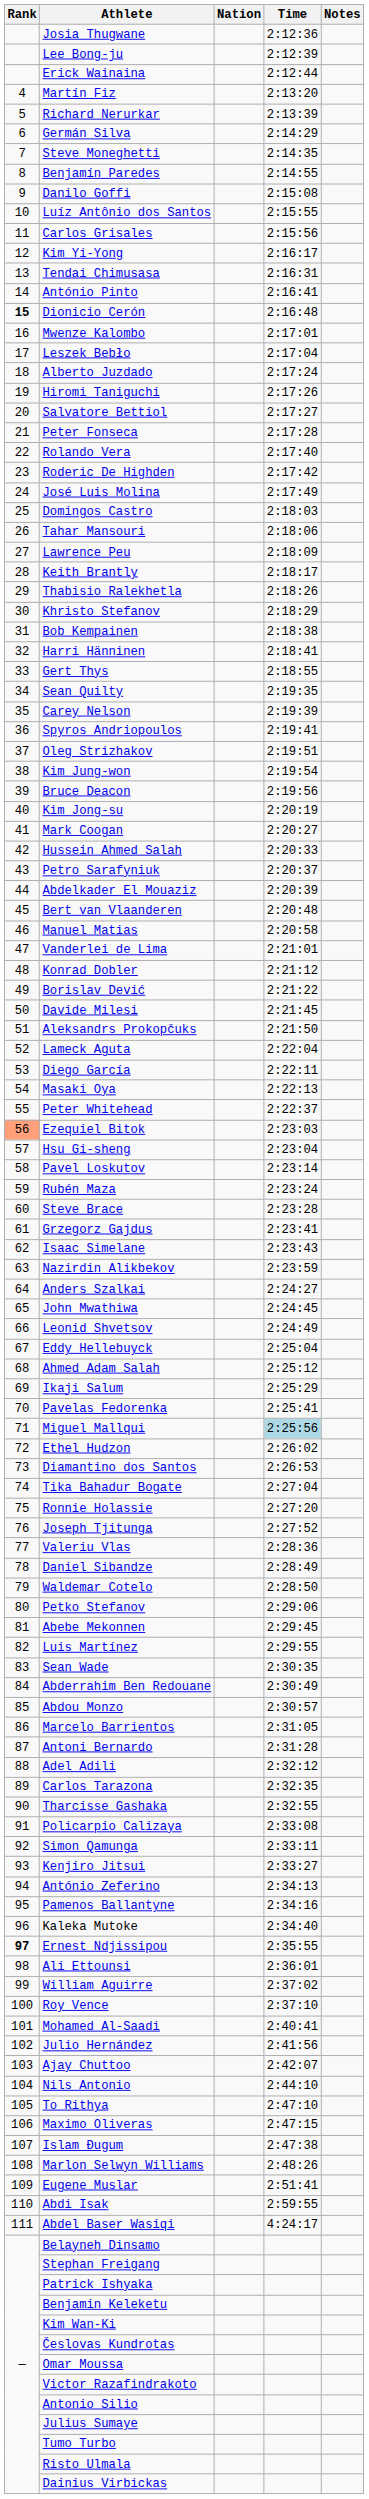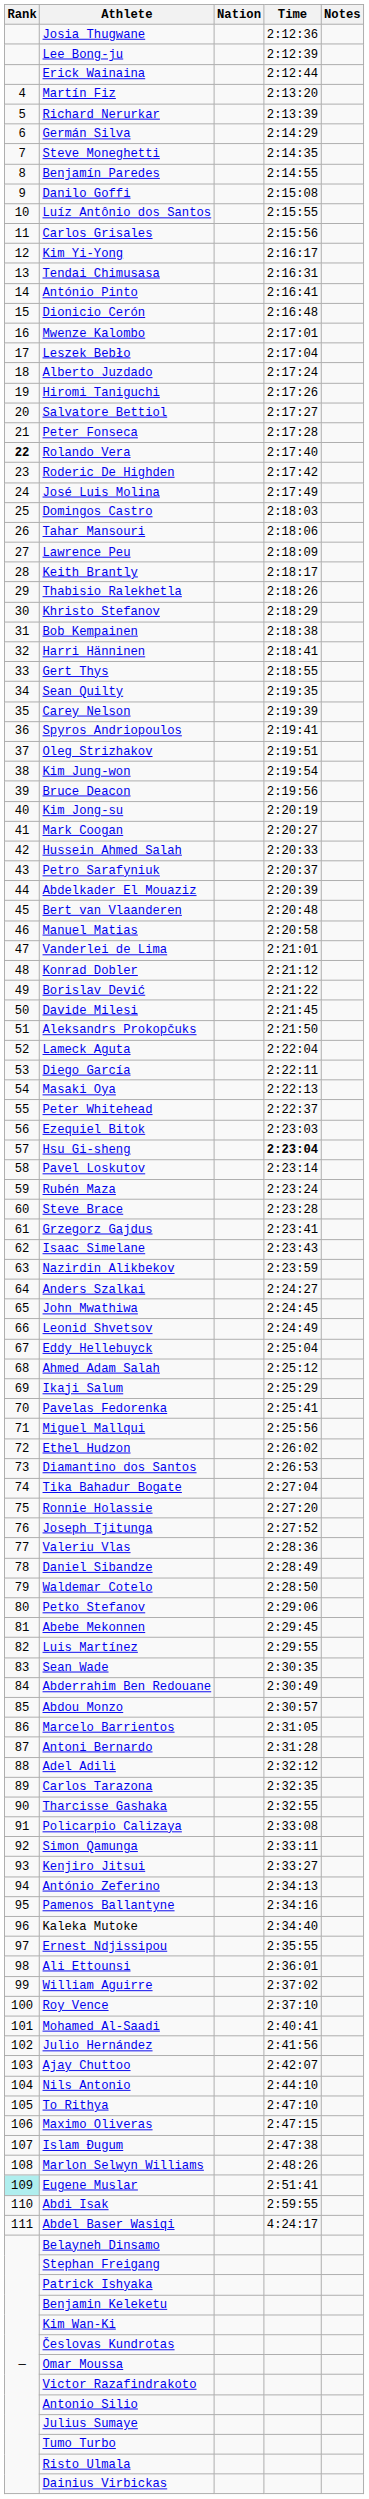 <table class="wikitable sortable" style="text-align:center">
 <tr>
 <th>Rank</th>
 <th>Athlete</th>
 <th>Nation</th>
 <th>Time</th>
 <th>Notes</th>
 </tr>
 <tr>
 <td></td>
 <td align=left><a href='#'>Josia Thugwane</a></td>
 <td align=left></td>
 <td>2:12:36</td>
 <td></td>
 </tr>
 <tr>
 <td></td>
 <td align=left><a href='#'>Lee Bong-ju</a></td>
 <td align=left></td>
 <td>2:12:39</td>
 <td></td>
 </tr>
 <tr>
 <td></td>
 <td align=left><a href='#'>Erick Wainaina</a></td>
 <td align=left></td>
 <td>2:12:44</td>
 <td></td>
 </tr>
 <tr>
 <td>4</td>
 <td align=left><a href='#'>Martín Fiz</a></td>
 <td align=left></td>
 <td>2:13:20</td>
 <td></td>
 </tr>
 <tr>
 <td>5</td>
 <td align=left><a href='#'>Richard Nerurkar</a></td>
 <td align=left></td>
 <td>2:13:39</td>
 <td></td>
 </tr>
 <tr>
 <td>6</td>
 <td align=left><a href='#'>Germán Silva</a></td>
 <td align=left></td>
 <td>2:14:29</td>
 <td></td>
 </tr>
 <tr>
 <td>7</td>
 <td align=left><a href='#'>Steve Moneghetti</a></td>
 <td align=left></td>
 <td>2:14:35</td>
 <td></td>
 </tr>
 <tr>
 <td>8</td>
 <td align=left><a href='#'>Benjamín Paredes</a></td>
 <td align=left></td>
 <td>2:14:55</td>
 <td></td>
 </tr>
 <tr>
 <td>9</td>
 <td align=left><a href='#'>Danilo Goffi</a></td>
 <td align=left></td>
 <td>2:15:08</td>
 <td></td>
 </tr>
 <tr>
 <td>10</td>
 <td align=left><a href='#'>Luíz Antônio dos Santos</a></td>
 <td align=left></td>
 <td>2:15:55</td>
 <td></td>
 </tr>
 <tr>
 <td>11</td>
 <td align=left><a href='#'>Carlos Grisales</a></td>
 <td align=left></td>
 <td>2:15:56</td>
 <td></td>
 </tr>
 <tr>
 <td>12</td>
 <td align=left><a href='#'>Kim Yi-Yong</a></td>
 <td align=left></td>
 <td>2:16:17</td>
 <td></td>
 </tr>
 <tr>
 <td>13</td>
 <td align=left><a href='#'>Tendai Chimusasa</a></td>
 <td align=left></td>
 <td>2:16:31</td>
 <td></td>
 </tr>
 <tr>
 <td>14</td>
 <td align=left><a href='#'>António Pinto</a></td>
 <td align=left></td>
 <td>2:16:41</td>
 <td></td>
 </tr>
 <tr>
-<td><strong>15</strong></td>
+<td>15</td>
 <td align=left><a href='#'>Dionicio Cerón</a></td>
 <td align=left></td>
 <td>2:16:48</td>
 <td></td>
 </tr>
 <tr>
 <td>16</td>
 <td align=left><a href='#'>Mwenze Kalombo</a></td>
 <td align=left></td>
 <td>2:17:01</td>
 <td></td>
 </tr>
 <tr>
 <td>17</td>
 <td align=left><a href='#'>Leszek Bebło</a></td>
 <td align=left></td>
 <td>2:17:04</td>
 <td></td>
 </tr>
 <tr>
 <td>18</td>
 <td align=left><a href='#'>Alberto Juzdado</a></td>
 <td align=left></td>
 <td>2:17:24</td>
 <td></td>
 </tr>
 <tr>
 <td>19</td>
 <td align=left><a href='#'>Hiromi Taniguchi</a></td>
 <td align=left></td>
 <td>2:17:26</td>
 <td></td>
 </tr>
 <tr>
 <td>20</td>
 <td align=left><a href='#'>Salvatore Bettiol</a></td>
 <td align=left></td>
 <td>2:17:27</td>
 <td></td>
 </tr>
 <tr>
 <td>21</td>
 <td align=left><a href='#'>Peter Fonseca</a></td>
 <td align=left></td>
 <td>2:17:28</td>
 <td></td>
 </tr>
 <tr>
-<td>22</td>
+<td><strong>22</strong></td>
 <td align=left><a href='#'>Rolando Vera</a></td>
 <td align=left></td>
 <td>2:17:40</td>
 <td></td>
 </tr>
 <tr>
 <td>23</td>
 <td align=left><a href='#'>Roderic De Highden</a></td>
 <td align=left></td>
 <td>2:17:42</td>
 <td></td>
 </tr>
 <tr>
 <td>24</td>
 <td align=left><a href='#'>José Luis Molina</a></td>
 <td align=left></td>
 <td>2:17:49</td>
 <td></td>
 </tr>
 <tr>
 <td>25</td>
 <td align=left><a href='#'>Domingos Castro</a></td>
 <td align=left></td>
 <td>2:18:03</td>
 <td></td>
 </tr>
 <tr>
 <td>26</td>
 <td align=left><a href='#'>Tahar Mansouri</a></td>
 <td align=left></td>
 <td>2:18:06</td>
 <td></td>
 </tr>
 <tr>
 <td>27</td>
 <td align=left><a href='#'>Lawrence Peu</a></td>
 <td align=left></td>
 <td>2:18:09</td>
 <td></td>
 </tr>
 <tr>
 <td>28</td>
 <td align=left><a href='#'>Keith Brantly</a></td>
 <td align=left></td>
 <td>2:18:17</td>
 <td></td>
 </tr>
 <tr>
 <td>29</td>
 <td align=left><a href='#'>Thabisio Ralekhetla</a></td>
 <td align=left></td>
 <td>2:18:26</td>
 <td></td>
 </tr>
 <tr>
 <td>30</td>
 <td align=left><a href='#'>Khristo Stefanov</a></td>
 <td align=left></td>
 <td>2:18:29</td>
 <td></td>
 </tr>
 <tr>
 <td>31</td>
 <td align=left><a href='#'>Bob Kempainen</a></td>
 <td align=left></td>
 <td>2:18:38</td>
 <td></td>
 </tr>
 <tr>
 <td>32</td>
 <td align=left><a href='#'>Harri Hänninen</a></td>
 <td align=left></td>
 <td>2:18:41</td>
 <td></td>
 </tr>
 <tr>
 <td>33</td>
 <td align=left><a href='#'>Gert Thys</a></td>
 <td align=left></td>
 <td>2:18:55</td>
 <td></td>
 </tr>
 <tr>
 <td>34</td>
 <td align=left><a href='#'>Sean Quilty</a></td>
 <td align=left></td>
 <td>2:19:35</td>
 <td></td>
 </tr>
 <tr>
 <td>35</td>
 <td align=left><a href='#'>Carey Nelson</a></td>
 <td align=left></td>
 <td>2:19:39</td>
 <td></td>
 </tr>
 <tr>
 <td>36</td>
 <td align=left><a href='#'>Spyros Andriopoulos</a></td>
 <td align=left></td>
 <td>2:19:41</td>
 <td></td>
 </tr>
 <tr>
 <td>37</td>
 <td align=left><a href='#'>Oleg Strizhakov</a></td>
 <td align=left></td>
 <td>2:19:51</td>
 <td></td>
 </tr>
 <tr>
 <td>38</td>
 <td align=left><a href='#'>Kim Jung-won</a></td>
 <td align=left></td>
 <td>2:19:54</td>
 <td></td>
 </tr>
 <tr>
 <td>39</td>
 <td align=left><a href='#'>Bruce Deacon</a></td>
 <td align=left></td>
 <td>2:19:56</td>
 <td></td>
 </tr>
 <tr>
 <td>40</td>
 <td align=left><a href='#'>Kim Jong-su</a></td>
 <td align=left></td>
 <td>2:20:19</td>
 <td></td>
 </tr>
 <tr>
 <td>41</td>
 <td align=left><a href='#'>Mark Coogan</a></td>
 <td align=left></td>
 <td>2:20:27</td>
 <td></td>
 </tr>
 <tr>
 <td>42</td>
 <td align=left><a href='#'>Hussein Ahmed Salah</a></td>
 <td align=left></td>
 <td>2:20:33</td>
 <td></td>
 </tr>
 <tr>
 <td>43</td>
 <td align=left><a href='#'>Petro Sarafyniuk</a></td>
 <td align=left></td>
 <td>2:20:37</td>
 <td></td>
 </tr>
 <tr>
 <td>44</td>
 <td align=left><a href='#'>Abdelkader El Mouaziz</a></td>
 <td align=left></td>
 <td>2:20:39</td>
 <td></td>
 </tr>
 <tr>
 <td>45</td>
 <td align=left><a href='#'>Bert van Vlaanderen</a></td>
 <td align=left></td>
 <td>2:20:48</td>
 <td></td>
 </tr>
 <tr>
 <td>46</td>
 <td align=left><a href='#'>Manuel Matias</a></td>
 <td align=left></td>
 <td>2:20:58</td>
 <td></td>
 </tr>
 <tr>
 <td>47</td>
 <td align=left><a href='#'>Vanderlei de Lima</a></td>
 <td align=left></td>
 <td>2:21:01</td>
 <td></td>
 </tr>
 <tr>
 <td>48</td>
 <td align=left><a href='#'>Konrad Dobler</a></td>
 <td align=left></td>
 <td>2:21:12</td>
 <td></td>
 </tr>
 <tr>
 <td>49</td>
 <td align=left><a href='#'>Borislav Dević</a></td>
 <td align=left></td>
 <td>2:21:22</td>
 <td></td>
 </tr>
 <tr>
 <td>50</td>
 <td align=left><a href='#'>Davide Milesi</a></td>
 <td align=left></td>
 <td>2:21:45</td>
 <td></td>
 </tr>
 <tr>
 <td>51</td>
 <td align=left><a href='#'>Aleksandrs Prokopčuks</a></td>
 <td align=left></td>
 <td>2:21:50</td>
 <td></td>
 </tr>
 <tr>
 <td>52</td>
 <td align=left><a href='#'>Lameck Aguta</a></td>
 <td align=left></td>
 <td>2:22:04</td>
 <td></td>
 </tr>
 <tr>
 <td>53</td>
 <td align=left><a href='#'>Diego García</a></td>
 <td align=left></td>
 <td>2:22:11</td>
 <td></td>
 </tr>
 <tr>
 <td>54</td>
 <td align=left><a href='#'>Masaki Oya</a></td>
 <td align=left></td>
 <td>2:22:13</td>
 <td></td>
 </tr>
 <tr>
 <td>55</td>
 <td align=left><a href='#'>Peter Whitehead</a></td>
 <td align=left></td>
 <td>2:22:37</td>
 <td></td>
 </tr>
 <tr>
-<td style="background: lightsalmon;">56</td>
+<td>56</td>
 <td align=left><a href='#'>Ezequiel Bitok</a></td>
 <td align=left></td>
 <td>2:23:03</td>
 <td></td>
 </tr>
 <tr>
 <td>57</td>
 <td align=left><a href='#'>Hsu Gi-sheng</a></td>
 <td align=left></td>
-<td>2:23:04</td>
+<td><strong>2:23:04</strong></td>
 <td></td>
 </tr>
 <tr>
 <td>58</td>
 <td align=left><a href='#'>Pavel Loskutov</a></td>
 <td align=left></td>
 <td>2:23:14</td>
 <td></td>
 </tr>
 <tr>
 <td>59</td>
 <td align=left><a href='#'>Rubén Maza</a></td>
 <td align=left></td>
 <td>2:23:24</td>
 <td></td>
 </tr>
 <tr>
 <td>60</td>
 <td align=left><a href='#'>Steve Brace</a></td>
 <td align=left></td>
 <td>2:23:28</td>
 <td></td>
 </tr>
 <tr>
 <td>61</td>
 <td align=left><a href='#'>Grzegorz Gajdus</a></td>
 <td align=left></td>
 <td>2:23:41</td>
 <td></td>
 </tr>
 <tr>
 <td>62</td>
 <td align=left><a href='#'>Isaac Simelane</a></td>
 <td align=left></td>
 <td>2:23:43</td>
 <td></td>
 </tr>
 <tr>
 <td>63</td>
 <td align=left><a href='#'>Nazirdin Alikbekov</a></td>
 <td align=left></td>
 <td>2:23:59</td>
 <td></td>
 </tr>
 <tr>
 <td>64</td>
 <td align=left><a href='#'>Anders Szalkai</a></td>
 <td align=left></td>
 <td>2:24:27</td>
 <td></td>
 </tr>
 <tr>
 <td>65</td>
 <td align=left><a href='#'>John Mwathiwa</a></td>
 <td align=left></td>
 <td>2:24:45</td>
 <td></td>
 </tr>
 <tr>
 <td>66</td>
 <td align=left><a href='#'>Leonid Shvetsov</a></td>
 <td align=left></td>
 <td>2:24:49</td>
 <td></td>
 </tr>
 <tr>
 <td>67</td>
 <td align=left><a href='#'>Eddy Hellebuyck</a></td>
 <td align=left></td>
 <td>2:25:04</td>
 <td></td>
 </tr>
 <tr>
 <td>68</td>
 <td align=left><a href='#'>Ahmed Adam Salah</a></td>
 <td align=left></td>
 <td>2:25:12</td>
 <td></td>
 </tr>
 <tr>
 <td>69</td>
 <td align=left><a href='#'>Ikaji Salum</a></td>
 <td align=left></td>
 <td>2:25:29</td>
 <td></td>
 </tr>
 <tr>
 <td>70</td>
 <td align=left><a href='#'>Pavelas Fedorenka</a></td>
 <td align=left></td>
 <td>2:25:41</td>
 <td></td>
 </tr>
 <tr>
 <td>71</td>
 <td align=left><a href='#'>Miguel Mallqui</a></td>
 <td align=left></td>
-<td style="background: lightblue;">2:25:56</td>
+<td>2:25:56</td>
 <td></td>
 </tr>
 <tr>
 <td>72</td>
 <td align=left><a href='#'>Ethel Hudzon</a></td>
 <td align=left></td>
 <td>2:26:02</td>
 <td></td>
 </tr>
 <tr>
 <td>73</td>
 <td align=left><a href='#'>Diamantino dos Santos</a></td>
 <td align=left></td>
 <td>2:26:53</td>
 <td></td>
 </tr>
 <tr>
 <td>74</td>
 <td align=left><a href='#'>Tika Bahadur Bogate</a></td>
 <td align=left></td>
 <td>2:27:04</td>
 <td></td>
 </tr>
 <tr>
 <td>75</td>
 <td align=left><a href='#'>Ronnie Holassie</a></td>
 <td align=left></td>
 <td>2:27:20</td>
 <td></td>
 </tr>
 <tr>
 <td>76</td>
 <td align=left><a href='#'>Joseph Tjitunga</a></td>
 <td align=left></td>
 <td>2:27:52</td>
 <td></td>
 </tr>
 <tr>
 <td>77</td>
 <td align=left><a href='#'>Valeriu Vlas</a></td>
 <td align=left></td>
 <td>2:28:36</td>
 <td></td>
 </tr>
 <tr>
 <td>78</td>
 <td align=left><a href='#'>Daniel Sibandze</a></td>
 <td align=left></td>
 <td>2:28:49</td>
 <td></td>
 </tr>
 <tr>
 <td>79</td>
 <td align=left><a href='#'>Waldemar Cotelo</a></td>
 <td align=left></td>
 <td>2:28:50</td>
 <td></td>
 </tr>
 <tr>
 <td>80</td>
 <td align=left><a href='#'>Petko Stefanov</a></td>
 <td align=left></td>
 <td>2:29:06</td>
 <td></td>
 </tr>
 <tr>
 <td>81</td>
 <td align=left><a href='#'>Abebe Mekonnen</a></td>
 <td align=left></td>
 <td>2:29:45</td>
 <td></td>
 </tr>
 <tr>
 <td>82</td>
 <td align=left><a href='#'>Luis Martínez</a></td>
 <td align=left></td>
 <td>2:29:55</td>
 <td></td>
 </tr>
 <tr>
 <td>83</td>
 <td align=left><a href='#'>Sean Wade</a></td>
 <td align=left></td>
 <td>2:30:35</td>
 <td></td>
 </tr>
 <tr>
 <td>84</td>
 <td align=left><a href='#'>Abderrahim Ben Redouane</a></td>
 <td align=left></td>
 <td>2:30:49</td>
 <td></td>
 </tr>
 <tr>
 <td>85</td>
 <td align=left><a href='#'>Abdou Monzo</a></td>
 <td align=left></td>
 <td>2:30:57</td>
 <td></td>
 </tr>
 <tr>
 <td>86</td>
 <td align=left><a href='#'>Marcelo Barrientos</a></td>
 <td align=left></td>
 <td>2:31:05</td>
 <td></td>
 </tr>
 <tr>
 <td>87</td>
 <td align=left><a href='#'>Antoni Bernardo</a></td>
 <td align=left></td>
 <td>2:31:28</td>
 <td></td>
 </tr>
 <tr>
 <td>88</td>
 <td align=left><a href='#'>Adel Adili</a></td>
 <td align=left></td>
 <td>2:32:12</td>
 <td></td>
 </tr>
 <tr>
 <td>89</td>
 <td align=left><a href='#'>Carlos Tarazona</a></td>
 <td align=left></td>
 <td>2:32:35</td>
 <td></td>
 </tr>
 <tr>
 <td>90</td>
 <td align=left><a href='#'>Tharcisse Gashaka</a></td>
 <td align=left></td>
 <td>2:32:55</td>
 <td></td>
 </tr>
 <tr>
 <td>91</td>
 <td align=left><a href='#'>Policarpio Calizaya</a></td>
 <td align=left></td>
 <td>2:33:08</td>
 <td></td>
 </tr>
 <tr>
 <td>92</td>
 <td align=left><a href='#'>Simon Qamunga</a></td>
 <td align=left></td>
 <td>2:33:11</td>
 <td></td>
 </tr>
 <tr>
 <td>93</td>
 <td align=left><a href='#'>Kenjiro Jitsui</a></td>
 <td align=left></td>
 <td>2:33:27</td>
 <td></td>
 </tr>
 <tr>
 <td>94</td>
 <td align=left><a href='#'>António Zeferino</a></td>
 <td align=left></td>
 <td>2:34:13</td>
 <td></td>
 </tr>
 <tr>
 <td>95</td>
 <td align=left><a href='#'>Pamenos Ballantyne</a></td>
 <td align=left></td>
 <td>2:34:16</td>
 <td></td>
 </tr>
 <tr>
 <td>96</td>
 <td align=left>Kaleka Mutoke</td>
 <td align=left></td>
 <td>2:34:40</td>
 <td></td>
 </tr>
 <tr>
-<td><strong>97</strong></td>
+<td>97</td>
 <td align=left><a href='#'>Ernest Ndjissipou</a></td>
 <td align=left></td>
 <td>2:35:55</td>
 <td></td>
 </tr>
 <tr>
 <td>98</td>
 <td align=left><a href='#'>Ali Ettounsi</a></td>
 <td align=left></td>
 <td>2:36:01</td>
 <td></td>
 </tr>
 <tr>
 <td>99</td>
 <td align=left><a href='#'>William Aguirre</a></td>
 <td align=left></td>
 <td>2:37:02</td>
 <td></td>
 </tr>
 <tr>
 <td>100</td>
 <td align=left><a href='#'>Roy Vence</a></td>
 <td align=left></td>
 <td>2:37:10</td>
 <td></td>
 </tr>
 <tr>
 <td>101</td>
 <td align=left><a href='#'>Mohamed Al-Saadi</a></td>
 <td align=left></td>
 <td>2:40:41</td>
 <td></td>
 </tr>
 <tr>
 <td>102</td>
 <td align=left><a href='#'>Julio Hernández</a></td>
 <td align=left></td>
 <td>2:41:56</td>
 <td></td>
 </tr>
 <tr>
 <td>103</td>
 <td align=left><a href='#'>Ajay Chuttoo</a></td>
 <td align=left></td>
 <td>2:42:07</td>
 <td></td>
 </tr>
 <tr>
 <td>104</td>
 <td align=left><a href='#'>Nils Antonio</a></td>
 <td align=left></td>
 <td>2:44:10</td>
 <td></td>
 </tr>
 <tr>
 <td>105</td>
 <td align=left><a href='#'>To Rithya</a></td>
 <td align=left></td>
 <td>2:47:10</td>
 <td></td>
 </tr>
 <tr>
 <td>106</td>
 <td align=left><a href='#'>Maximo Oliveras</a></td>
 <td align=left></td>
 <td>2:47:15</td>
 <td></td>
 </tr>
 <tr>
 <td>107</td>
 <td align=left><a href='#'>Islam Ðugum</a></td>
 <td align=left></td>
 <td>2:47:38</td>
 <td></td>
 </tr>
 <tr>
 <td>108</td>
 <td align=left><a href='#'>Marlon Selwyn Williams</a></td>
 <td align=left></td>
 <td>2:48:26</td>
 <td></td>
 </tr>
 <tr>
-<td>109</td>
+<td style="background: paleturquoise;">109</td>
 <td align=left><a href='#'>Eugene Muslar</a></td>
 <td align=left></td>
 <td>2:51:41</td>
 <td></td>
 </tr>
 <tr>
 <td>110</td>
 <td align=left><a href='#'>Abdi Isak</a></td>
 <td align=left></td>
 <td>2:59:55</td>
 <td></td>
 </tr>
 <tr>
 <td>111</td>
 <td align=left><a href='#'>Abdel Baser Wasiqi</a></td>
 <td align=left></td>
 <td>4:24:17</td>
 <td></td>
 </tr>
 <tr>
 <td rowspan=13 data-sort-value=112>—</td>
 <td align=left><a href='#'>Belayneh Dinsamo</a></td>
 <td align=left></td>
 <td data-sort-value=5:00:00></td>
 <td></td>
 </tr>
 <tr>
 <td align=left><a href='#'>Stephan Freigang</a></td>
 <td align=left></td>
 <td data-sort-value=5:00:00></td>
 <td></td>
 </tr>
 <tr>
 <td align=left><a href='#'>Patrick Ishyaka</a></td>
 <td align=left></td>
 <td data-sort-value=5:00:00></td>
 <td></td>
 </tr>
 <tr>
 <td align=left><a href='#'>Benjamin Keleketu</a></td>
 <td align=left></td>
 <td data-sort-value=5:00:00></td>
 <td></td>
 </tr>
 <tr>
 <td align=left><a href='#'>Kim Wan-Ki</a></td>
 <td align=left></td>
 <td data-sort-value=5:00:00></td>
 <td></td>
 </tr>
 <tr>
 <td align=left><a href='#'>Česlovas Kundrotas</a></td>
 <td align=left></td>
 <td data-sort-value=5:00:00></td>
 <td></td>
 </tr>
 <tr>
 <td align=left><a href='#'>Omar Moussa</a></td>
 <td align=left></td>
 <td data-sort-value=5:00:00></td>
 <td></td>
 </tr>
 <tr>
 <td align=left><a href='#'>Victor Razafindrakoto</a></td>
 <td align=left></td>
 <td data-sort-value=5:00:00></td>
 <td></td>
 </tr>
 <tr>
 <td align=left><a href='#'>Antonio Silio</a></td>
 <td align=left></td>
 <td data-sort-value=5:00:00></td>
 <td></td>
 </tr>
 <tr>
 <td align=left><a href='#'>Julius Sumaye</a></td>
 <td align=left></td>
 <td data-sort-value=5:00:00></td>
 <td></td>
 </tr>
 <tr>
 <td align=left><a href='#'>Tumo Turbo</a></td>
 <td align=left></td>
 <td data-sort-value=5:00:00></td>
 <td></td>
 </tr>
 <tr>
 <td align=left><a href='#'>Risto Ulmala</a></td>
 <td align=left></td>
 <td data-sort-value=5:00:00></td>
 <td></td>
 </tr>
 <tr>
 <td align=left><a href='#'>Dainius Virbickas</a></td>
 <td align=left></td>
 <td data-sort-value=5:00:00></td>
 <td></td>
 </tr>
 </table>
